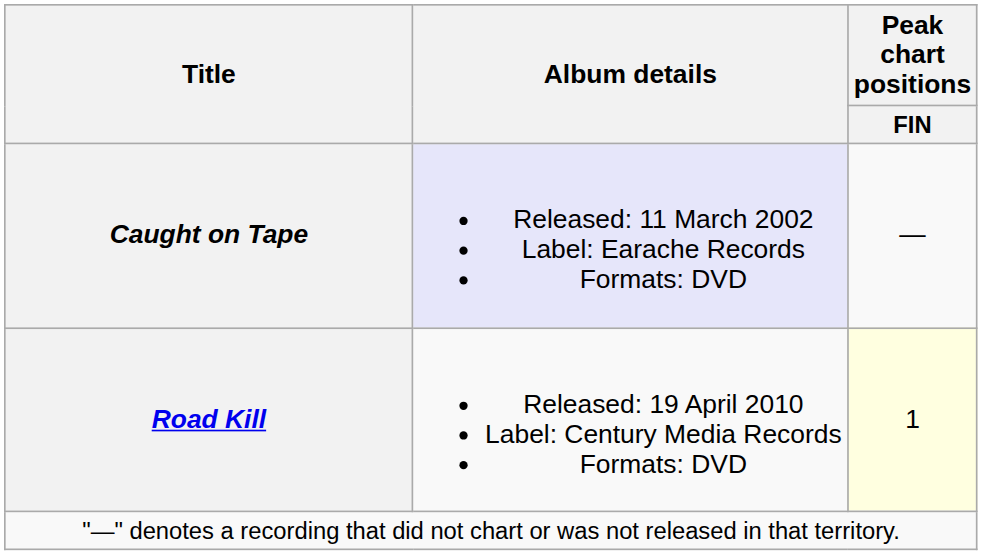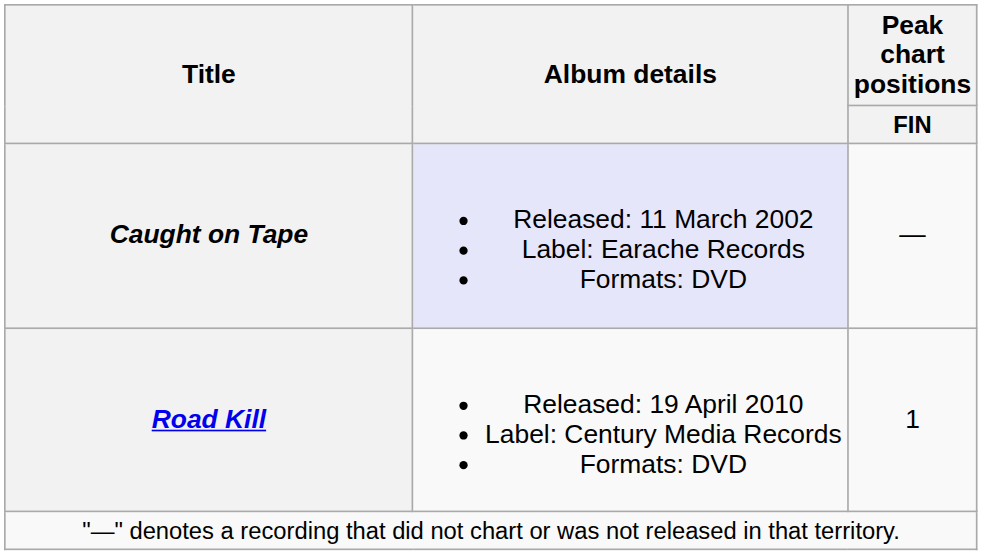 <table class="wikitable plainrowheaders" style="text-align:center;">
 <tr>
 <th scope="col" rowspan="2" style="width:15em;">Title</th>
 <th scope="col" rowspan="2">Album details</th>
 <th scope="col">Peak chart positions</th>
 </tr>
 <tr>
 <th scope="col" style="width:3em;font-size:90%;">FIN<br></th>
 </tr>
 <tr>
 <th scope="row"><em>Caught on Tape</em></th>
 <td style="background: lavender;"><br><ul><li>Released: 11 March 2002</li><li>Label: Earache Records</li><li>Formats: DVD</li></ul></td>
 <td>—</td>
 </tr>
 <tr>
 <th scope="row"><em><a href='#'>Road Kill</a></em></th>
 <td><br><ul><li>Released: 19 April 2010</li><li>Label: Century Media Records</li><li>Formats: DVD</li></ul></td>
-<td style="background: lightyellow;">1</td>
+<td>1</td>
 </tr>
 <tr>
 <td colspan="10" style="font-size:90%">"—" denotes a recording that did not chart or was not released in that territory.</td>
 </tr>
 </table>
